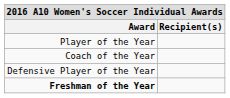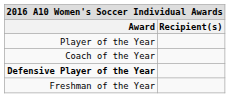 <table class="wikitable" style="white-space:nowrap; font-size:90%;">
 <tr>
 <td colspan="7" style="text-align:center; background:#ddd;"><strong>2016 A10 Women's Soccer Individual Awards</strong></td>
 </tr>
 <tr>
 <th style="text-align:right;">Award</th>
 <th style="text-align:left;">Recipient(s)</th>
 </tr>
 <tr>
 <td style="text-align:right;">Player of the Year</td>
 <td style="text-align:left;"></td>
 </tr>
 <tr>
 <td style="text-align:right;">Coach of the Year</td>
 <td style="text-align:left;"></td>
 </tr>
 <tr>
-<td style="text-align:right;">Defensive Player of the Year</td>
+<td style="text-align:right;"><strong>Defensive Player of the Year</strong></td>
 <td style="text-align:left;"></td>
 </tr>
 <tr>
-<td style="text-align:right;"><strong>Freshman of the Year</strong></td>
+<td style="text-align:right;">Freshman of the Year</td>
 <td style="text-align:left;"></td>
 </tr>
 </table>
